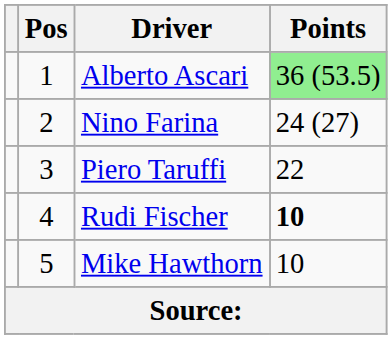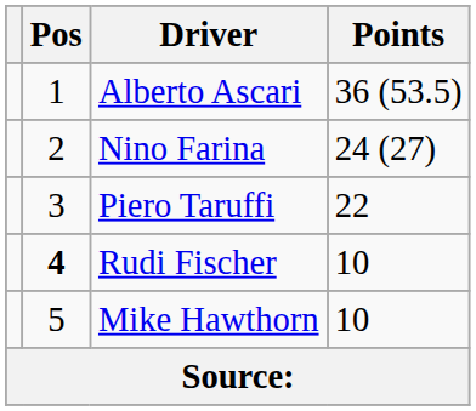 <table class="wikitable" style="font-size: 95%;">
 <tr>
 <th></th>
 <th>Pos</th>
 <th>Driver</th>
 <th>Points</th>
 </tr>
 <tr>
 <td align="left"></td>
 <td align="center">1</td>
 <td> <a href='#'>Alberto Ascari</a></td>
-<td align="left" style="background: lightgreen;">36 (53.5)</td>
+<td align="left">36 (53.5)</td>
 </tr>
 <tr>
 <td align="left"></td>
 <td align="center">2</td>
 <td> <a href='#'>Nino Farina</a></td>
 <td align="left">24 (27)</td>
 </tr>
 <tr>
 <td align="left"></td>
 <td align="center">3</td>
 <td> <a href='#'>Piero Taruffi</a></td>
 <td align="left">22</td>
 </tr>
 <tr>
 <td align="left"></td>
-<td align="center">4</td>
+<td align="center"><strong>4</strong></td>
 <td> <a href='#'>Rudi Fischer</a></td>
-<td align="left"><strong>10</strong></td>
+<td align="left">10</td>
 </tr>
 <tr>
 <td align="left"></td>
 <td align="center">5</td>
 <td> <a href='#'>Mike Hawthorn</a></td>
 <td align="left">10</td>
 </tr>
 <tr>
 <th colspan=4>Source:</th>
 </tr>
 </table>
